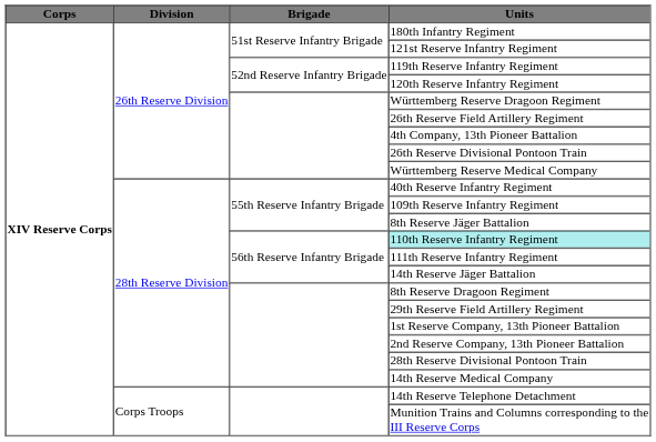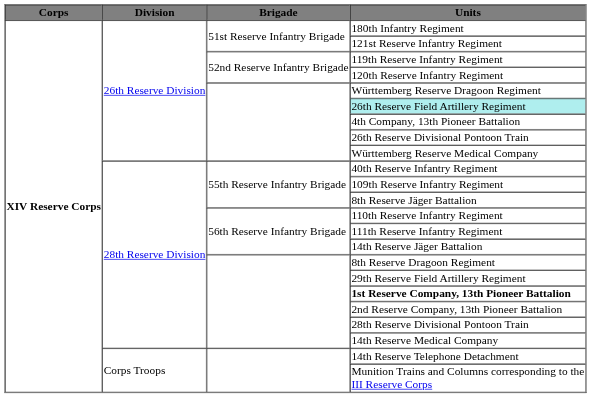 <table style="float: right;" border="1" cellpadding="1" cellspacing="0" style="font-size: 100%; border: grey solid 1px; border-collapse: collapse; text-align: center;">
 <tr style="background-color:grey; colour:black;">
 <th>Corps</th>
 <th>Division</th>
 <th>Brigade</th>
 <th>Units</th>
 </tr>
 <tr>
 <td ROWSPAN=23><strong>XIV Reserve Corps</strong></td>
 <td ROWSPAN=9><a href='#'>26th Reserve Division</a></td>
 <td ROWSPAN=2>51st Reserve Infantry Brigade</td>
 <td>180th Infantry Regiment</td>
 </tr>
 <tr>
 <td>121st Reserve Infantry Regiment</td>
 </tr>
 <tr>
 <td ROWSPAN=2>52nd Reserve Infantry Brigade</td>
 <td>119th Reserve Infantry Regiment</td>
 </tr>
 <tr>
 <td>120th Reserve Infantry Regiment</td>
 </tr>
 <tr>
 <td ROWSPAN=5></td>
 <td>Württemberg Reserve Dragoon Regiment</td>
 </tr>
 <tr>
-<td>26th Reserve Field Artillery Regiment</td>
+<td style="background: paleturquoise;">26th Reserve Field Artillery Regiment</td>
 </tr>
 <tr>
 <td>4th Company, 13th Pioneer Battalion</td>
 </tr>
 <tr>
 <td>26th Reserve Divisional Pontoon Train</td>
 </tr>
 <tr>
 <td>Württemberg Reserve Medical Company</td>
 </tr>
 <tr>
 <td ROWSPAN=12><a href='#'>28th Reserve Division</a></td>
 <td ROWSPAN=3>55th Reserve Infantry Brigade</td>
 <td>40th Reserve Infantry Regiment</td>
 </tr>
 <tr>
 <td>109th Reserve Infantry Regiment</td>
 </tr>
 <tr>
 <td>8th Reserve Jäger Battalion</td>
 </tr>
 <tr>
 <td ROWSPAN=3>56th Reserve Infantry Brigade</td>
-<td style="background: paleturquoise;">110th Reserve Infantry Regiment</td>
+<td>110th Reserve Infantry Regiment</td>
 </tr>
 <tr>
 <td>111th Reserve Infantry Regiment</td>
 </tr>
 <tr>
 <td>14th Reserve Jäger Battalion</td>
 </tr>
 <tr>
 <td ROWSPAN=6></td>
 <td>8th Reserve Dragoon Regiment</td>
 </tr>
 <tr>
 <td>29th Reserve Field Artillery Regiment</td>
 </tr>
 <tr>
-<td>1st Reserve Company, 13th Pioneer Battalion</td>
+<td><strong>1st Reserve Company, 13th Pioneer Battalion</strong></td>
 </tr>
 <tr>
 <td>2nd Reserve Company, 13th Pioneer Battalion</td>
 </tr>
 <tr>
 <td>28th Reserve Divisional Pontoon Train</td>
 </tr>
 <tr>
 <td>14th Reserve Medical Company</td>
 </tr>
 <tr>
 <td ROWSPAN=2>Corps Troops</td>
 <td ROWSPAN=2></td>
 <td>14th Reserve Telephone Detachment</td>
 </tr>
 <tr>
 <td>Munition Trains and Columns corresponding to the<br><a href='#'>III Reserve Corps</a></td>
 </tr>
 </table>
